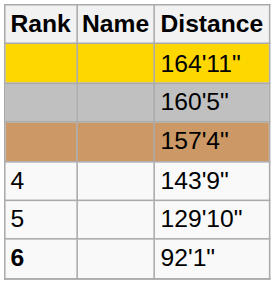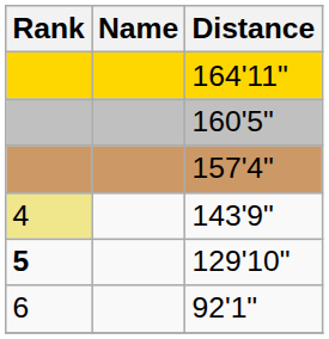 <table class="wikitable">
 <tr>
 <th>Rank</th>
 <th>Name</th>
 <th>Distance</th>
 </tr>
 <tr style="background:gold;">
 <td></td>
 <td></td>
 <td>164'11"</td>
 </tr>
 <tr style="background:silver;">
 <td></td>
 <td></td>
 <td>160'5"</td>
 </tr>
 <tr style="background:#cc9966;">
 <td></td>
 <td></td>
 <td>157'4"</td>
 </tr>
 <tr>
-<td>4</td>
+<td style="background: khaki;">4</td>
 <td></td>
 <td>143'9"</td>
 </tr>
 <tr>
-<td>5</td>
+<td><strong>5</strong></td>
 <td></td>
 <td>129'10"</td>
 </tr>
 <tr>
-<td><strong>6</strong></td>
+<td>6</td>
 <td></td>
 <td>92'1"</td>
 </tr>
 <tr>
 </tr>
 </table>
